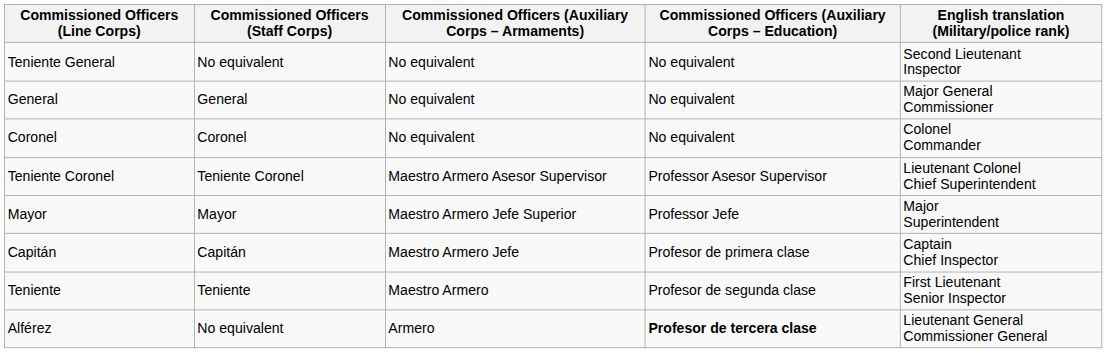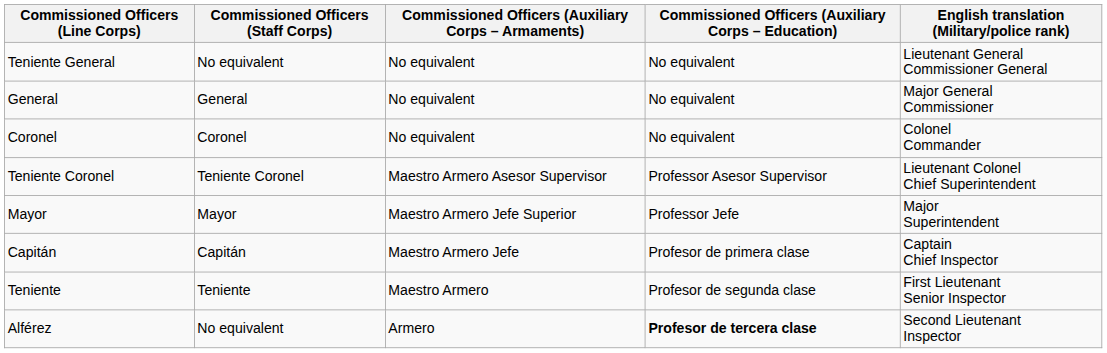 <table class="wikitable" style="display: inline-table;">
 <tr>
 <th>Commissioned Officers (Line Corps)</th>
 <th>Commissioned Officers (Staff Corps)</th>
 <th>Commissioned Officers (Auxiliary Corps – Armaments)</th>
 <th>Commissioned Officers (Auxiliary Corps – Education)</th>
 <th>English translation (Military/police rank)</th>
 </tr>
 <tr>
 <td>Teniente General</td>
 <td>No equivalent</td>
 <td>No equivalent</td>
 <td>No equivalent</td>
-<td>Second Lieutenant<br>Inspector</td>
+<td>Lieutenant General<br>Commissioner General</td>
 </tr>
 <tr>
 <td>General</td>
 <td>General</td>
 <td>No equivalent</td>
 <td>No equivalent</td>
 <td>Major General<br>Commissioner</td>
 </tr>
 <tr>
 <td>Coronel</td>
 <td>Coronel</td>
 <td>No equivalent</td>
 <td>No equivalent</td>
 <td>Colonel<br>Commander</td>
 </tr>
 <tr>
 <td>Teniente Coronel</td>
 <td>Teniente Coronel</td>
 <td>Maestro Armero Asesor Supervisor</td>
 <td>Professor Asesor Supervisor</td>
 <td>Lieutenant Colonel<br>Chief Superintendent</td>
 </tr>
 <tr>
 <td>Mayor</td>
 <td>Mayor</td>
 <td>Maestro Armero Jefe Superior</td>
 <td>Professor Jefe</td>
 <td>Major <br> Superintendent</td>
 </tr>
 <tr>
 <td>Capitán</td>
 <td>Capitán</td>
 <td>Maestro Armero Jefe</td>
 <td>Profesor de primera clase</td>
 <td>Captain<br>Chief Inspector</td>
 </tr>
 <tr>
 <td>Teniente</td>
 <td>Teniente</td>
 <td>Maestro Armero</td>
 <td>Profesor de segunda clase</td>
 <td>First Lieutenant<br> Senior Inspector</td>
 </tr>
 <tr>
 <td>Alférez</td>
 <td>No equivalent</td>
 <td>Armero</td>
 <td><strong>Profesor de tercera clase</strong></td>
-<td>Lieutenant General<br>Commissioner General</td>
+<td>Second Lieutenant<br>Inspector</td>
 </tr>
 </table>
